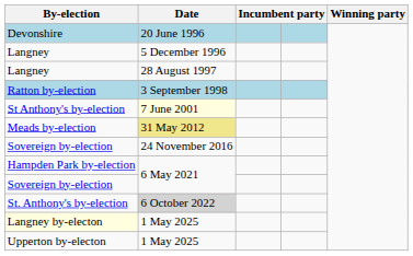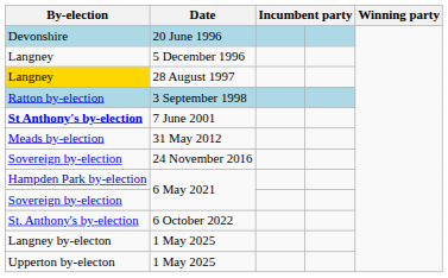 <table class="wikitable">
 <tr>
 <th>By-election</th>
 <th>Date</th>
 <th colspan=2>Incumbent party</th>
 <th colspan=2>Winning party</th>
 </tr>
 <tr bgcolor=lightblue>
 <td>Devonshire</td>
 <td>20 June 1996</td>
 <td></td>
 <td></td>
 </tr>
 <tr>
 <td>Langney</td>
 <td>5 December 1996</td>
 <td></td>
 <td></td>
 </tr>
 <tr>
-<td>Langney</td>
+<td style="background: gold;">Langney</td>
 <td>28 August 1997</td>
 <td></td>
 <td></td>
 </tr>
 <tr bgcolor=lightblue>
 <td><a href='#'>Ratton by-election</a></td>
 <td>3 September 1998</td>
 <td></td>
 <td></td>
 </tr>
 <tr>
-<td><a href='#'>St Anthony's by-election</a></td>
-<td style="background: lightyellow;">7 June 2001</td>
+<td><strong><a href='#'>St Anthony's by-election</a></strong></td>
+<td>7 June 2001</td>
 <td></td>
 <td></td>
 </tr>
 <tr>
 <td><a href='#'>Meads by-election</a></td>
-<td style="background: khaki;">31 May 2012</td>
+<td>31 May 2012</td>
 <td></td>
 <td></td>
 </tr>
 <tr>
 <td><a href='#'>Sovereign by-election</a></td>
 <td>24 November 2016</td>
 <td></td>
 <td></td>
 </tr>
 <tr>
 <td><a href='#'>Hampden Park by-election</a></td>
 <td rowspan=2>6 May 2021</td>
 <td></td>
 <td></td>
 </tr>
 <tr>
 <td><a href='#'>Sovereign by-election</a></td>
 <td></td>
 <td></td>
 </tr>
 <tr>
 <td><a href='#'>St. Anthony's by-election</a></td>
-<td style="background: lightgrey;">6 October 2022</td>
+<td>6 October 2022</td>
 <td></td>
 <td></td>
 </tr>
 <tr>
-<td style="background: lightyellow;">Langney by-electon</td>
+<td>Langney by-electon</td>
 <td>1 May 2025</td>
 <td></td>
 <td></td>
 </tr>
 <tr>
 <td>Upperton by-electon</td>
 <td>1 May 2025</td>
 <td></td>
 <td></td>
 </tr>
 </table>
